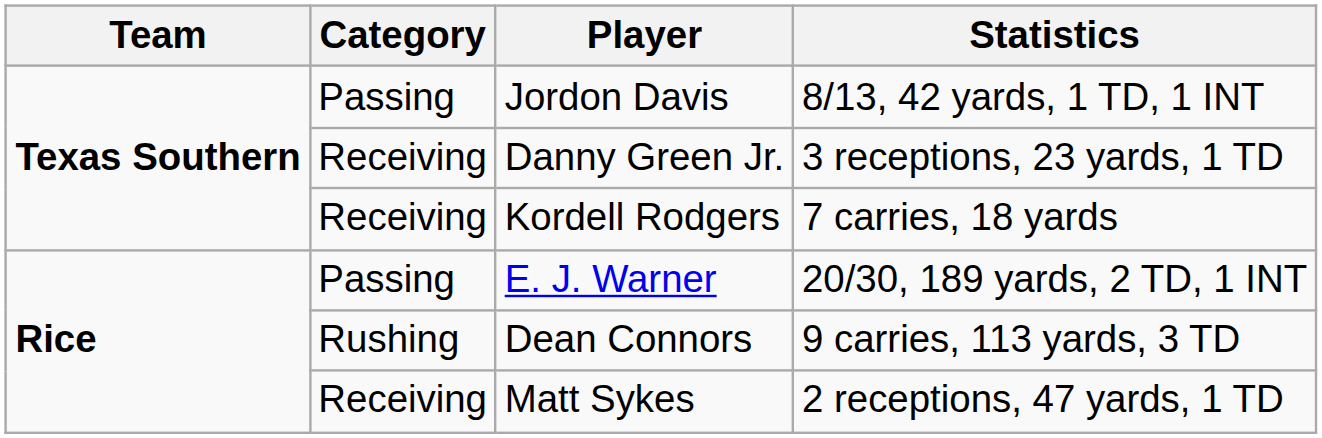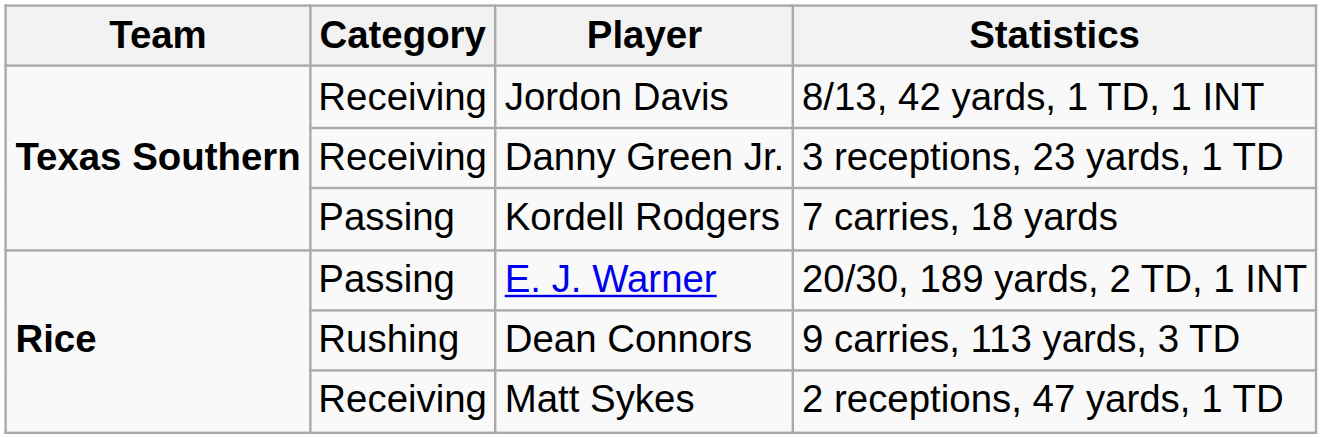 <table class="wikitable" style="float: right;">
 <tr>
 <th>Team</th>
 <th>Category</th>
 <th>Player</th>
 <th>Statistics</th>
 </tr>
 <tr>
 <td rowspan=3><strong>Texas Southern</strong></td>
-<td>Passing</td>
+<td>Receiving</td>
 <td>Jordon Davis</td>
 <td>8/13, 42 yards, 1 TD, 1 INT</td>
 </tr>
 <tr>
 <td>Receiving</td>
 <td>Danny Green Jr.</td>
 <td>3 receptions, 23 yards, 1 TD</td>
 </tr>
 <tr>
-<td>Receiving</td>
+<td>Passing</td>
 <td>Kordell Rodgers</td>
 <td>7 carries, 18 yards</td>
 </tr>
 <tr>
 <td rowspan=3><strong>Rice</strong></td>
 <td>Passing</td>
 <td><a href='#'>E. J. Warner</a></td>
 <td>20/30, 189 yards, 2 TD, 1 INT</td>
 </tr>
 <tr>
 <td>Rushing</td>
 <td>Dean Connors</td>
 <td>9 carries, 113 yards, 3 TD</td>
 </tr>
 <tr>
 <td>Receiving</td>
 <td>Matt Sykes</td>
 <td>2 receptions, 47 yards, 1 TD</td>
 </tr>
 </table>
